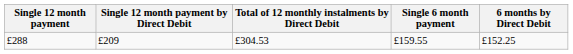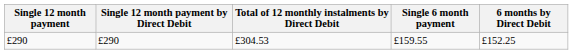 <table class="wikitable">
 <tr>
 <th>Single 12 month payment</th>
 <th>Single 12 month payment by Direct Debit</th>
 <th>Total of 12 monthly instalments by Direct Debit</th>
 <th>Single 6 month payment</th>
 <th>6 months by Direct Debit</th>
 </tr>
 <tr>
-<td>£288</td>
-<td>£209</td>
+<td>£290</td>
+<td>£290</td>
 <td>£304.53</td>
 <td>£159.55</td>
 <td>£152.25</td>
 </tr>
 </table>
